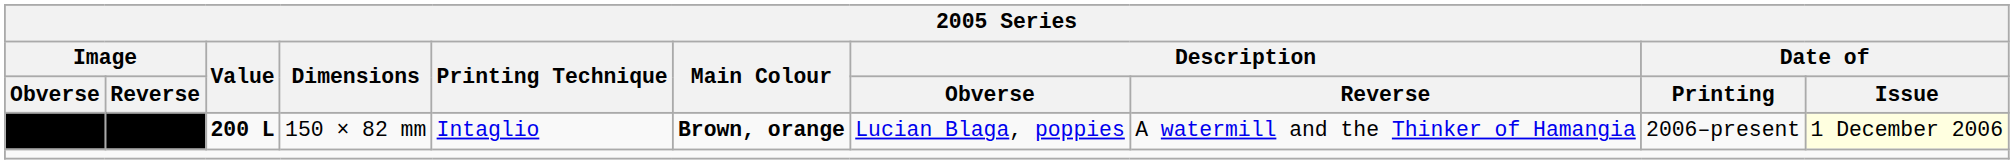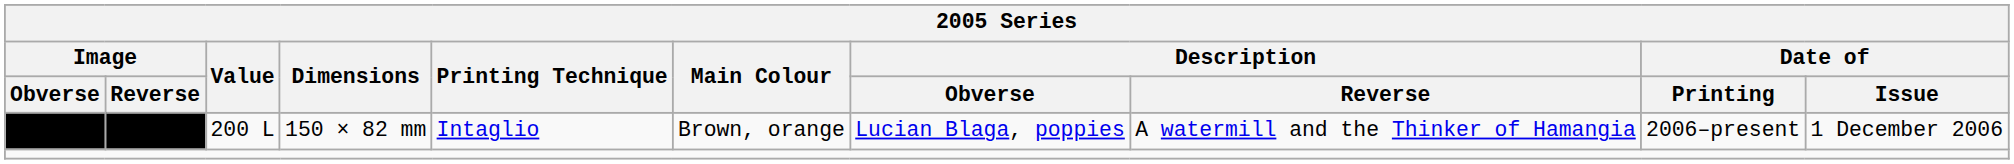 <table class="wikitable" style="font-size: 90%">
 <tr>
 <th colspan=11>2005 Series</th>
 </tr>
 <tr>
 <th colspan=2>Image</th>
 <th rowspan=2>Value</th>
 <th rowspan=2>Dimensions</th>
 <th rowspan=2>Printing Technique</th>
 <th rowspan=2>Main Colour</th>
 <th colspan=2>Description</th>
 <th colspan=2>Date of</th>
 </tr>
 <tr>
 <th>Obverse</th>
 <th>Reverse</th>
 <th>Obverse</th>
 <th>Reverse</th>
 <th>Printing</th>
 <th>Issue</th>
 </tr>
 <tr>
 <td align=right bgcolor="#000000"></td>
 <td align=left bgcolor="#000000"></td>
-<td align=right><strong>200 L</strong></td>
+<td align=right>200 L</td>
 <td>150 × 82 mm</td>
 <td><a href='#'>Intaglio</a></td>
-<td><strong>Brown, orange</strong></td>
+<td>Brown, orange</td>
 <td><a href='#'>Lucian Blaga</a>, <a href='#'>poppies</a></td>
 <td>A <a href='#'>watermill</a> and the <a href='#'>Thinker of Hamangia</a></td>
 <td>2006–present</td>
-<td style="background: lightyellow;">1 December 2006</td>
+<td>1 December 2006</td>
 </tr>
 <tr>
 <td colspan="11"></td>
 </tr>
 </table>
